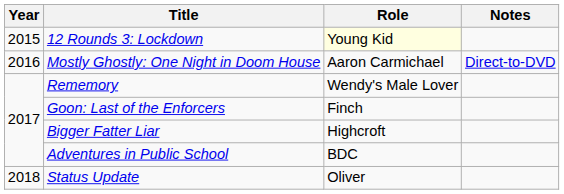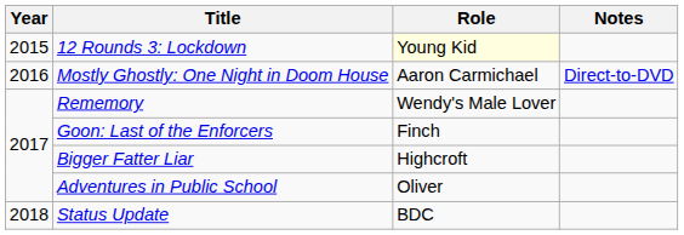 <table class="wikitable">
 <tr>
 <th>Year</th>
 <th>Title</th>
 <th>Role</th>
 <th>Notes</th>
 </tr>
 <tr>
 <td>2015</td>
 <td><em><a href='#'>12 Rounds 3: Lockdown</a></em></td>
 <td style="background: lightyellow;">Young Kid</td>
 <td></td>
 </tr>
 <tr>
 <td>2016</td>
 <td><em><a href='#'>Mostly Ghostly: One Night in Doom House</a></em></td>
 <td>Aaron Carmichael</td>
 <td><a href='#'>Direct-to-DVD</a></td>
 </tr>
 <tr>
 <td rowspan="4">2017</td>
 <td><em><a href='#'>Rememory</a></em></td>
 <td>Wendy's Male Lover</td>
 <td></td>
 </tr>
 <tr>
 <td><em><a href='#'>Goon: Last of the Enforcers</a></em></td>
 <td>Finch</td>
 <td></td>
 </tr>
 <tr>
 <td><em><a href='#'>Bigger Fatter Liar</a></em></td>
 <td>Highcroft</td>
 <td></td>
 </tr>
 <tr>
 <td><em><a href='#'>Adventures in Public School</a></em></td>
-<td>BDC</td>
+<td>Oliver</td>
 <td></td>
 </tr>
 <tr>
 <td>2018</td>
 <td><em><a href='#'>Status Update</a></em></td>
-<td>Oliver</td>
+<td>BDC</td>
 <td></td>
 </tr>
 </table>
